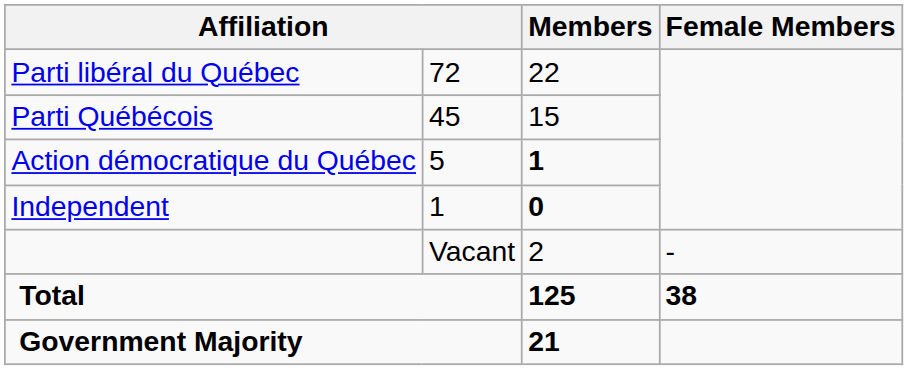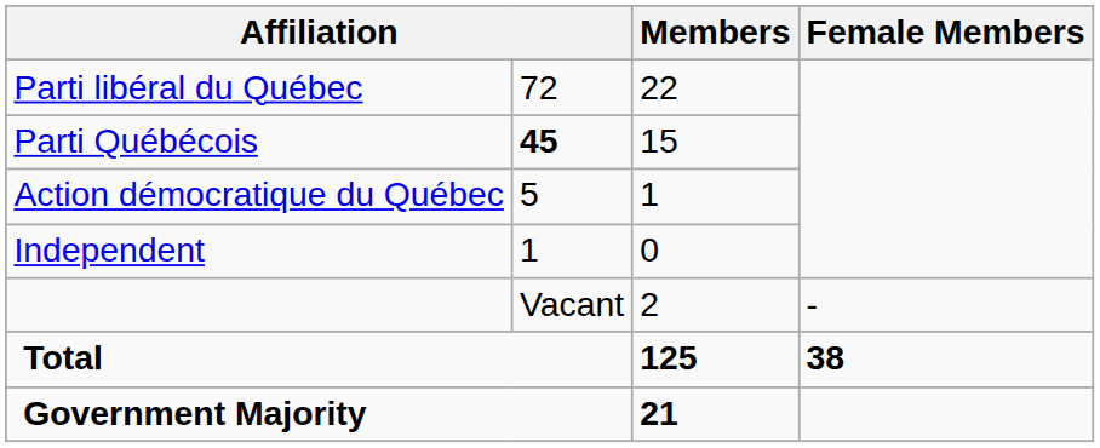 <table class="wikitable">
 <tr>
 <th colspan="2">Affiliation</th>
 <th>Members</th>
 <th>Female Members</th>
 </tr>
 <tr>
 <td align=left><a href='#'>Parti libéral du Québec</a></td>
 <td>72</td>
 <td>22</td>
 </tr>
 <tr>
 <td align=left><a href='#'>Parti Québécois</a></td>
-<td>45</td>
+<td><strong>45</strong></td>
 <td>15</td>
 </tr>
 <tr>
 <td align=left><a href='#'>Action démocratique du Québec</a></td>
 <td>5</td>
-<td><strong>1</strong></td>
+<td>1</td>
 </tr>
 <tr>
 <td align=left><a href='#'>Independent</a></td>
 <td>1</td>
-<td><strong>0</strong></td>
+<td>0</td>
 </tr>
 <tr>
 <td></td>
 <td align=left>Vacant</td>
 <td>2</td>
 <td>-</td>
 </tr>
 <tr>
 <td colspan="2" rowspan="1" align=left> <strong>Total</strong><br></td>
 <td><strong>125</strong></td>
 <td><strong>38</strong></td>
 </tr>
 <tr>
 <td colspan="2" rowspan="1" align=left> <strong>Government Majority</strong><br></td>
 <td><strong>21</strong></td>
 </tr>
 </table>
